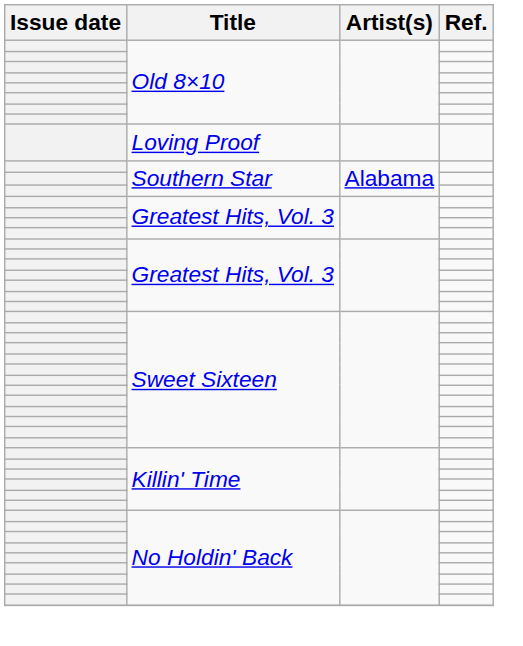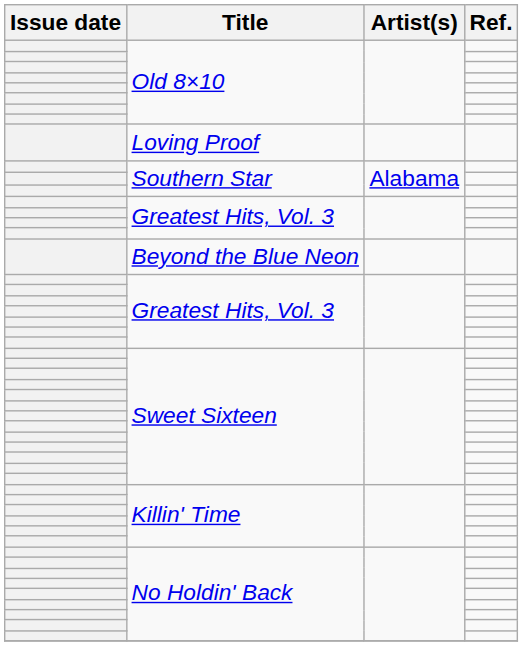 <table class="wikitable sortable plainrowheaders">
 <tr>
 <th scope=col>Issue date</th>
 <th scope=col>Title</th>
 <th scope=col>Artist(s)</th>
 <th scope=col class=unsortable>Ref.</th>
 </tr>
 <tr>
 <th scope=row></th>
 <td rowspan="8"><em><a href='#'>Old 8×10</a></em></td>
 <td rowspan="8"></td>
 <td align=center></td>
 </tr>
 <tr>
 <th scope=row></th>
 <td align=center></td>
 </tr>
 <tr>
 <th scope=row></th>
 <td align=center></td>
 </tr>
 <tr>
 <th scope=row></th>
 <td align=center></td>
 </tr>
 <tr>
 <th scope=row></th>
 <td align=center></td>
 </tr>
 <tr>
 <th scope=row></th>
 <td align=center></td>
 </tr>
 <tr>
 <th scope=row></th>
 <td align=center></td>
 </tr>
 <tr>
 <th scope=row></th>
 <td align=center></td>
 </tr>
 <tr>
 <th scope=row></th>
 <td><em><a href='#'>Loving Proof</a></em></td>
 <td></td>
 <td align=center></td>
 </tr>
 <tr>
 <th scope=row></th>
 <td rowspan="3"><em><a href='#'>Southern Star</a></em></td>
 <td rowspan="3"><a href='#'>Alabama</a></td>
 <td align=center></td>
 </tr>
 <tr>
 <th scope=row></th>
 <td align=center></td>
 </tr>
 <tr>
 <th scope=row></th>
 <td align=center></td>
 </tr>
 <tr>
 <th scope=row></th>
 <td rowspan="4"><em><a href='#'>Greatest Hits, Vol. 3</a></em></td>
 <td rowspan="4"></td>
 <td align=center></td>
 </tr>
 <tr>
 <th scope=row></th>
 <td align=center></td>
 </tr>
 <tr>
 <th scope=row></th>
 <td align=center></td>
 </tr>
 <tr>
 <th scope=row></th>
+<td align=center></td>
+</tr>
+<tr>
+<th scope=row></th>
+<td><em><a href='#'>Beyond the Blue Neon</a></em></td>
+<td></td>
 <td align=center></td>
 </tr>
 <tr>
 <th scope=row></th>
 <td rowspan="7"><em><a href='#'>Greatest Hits, Vol. 3</a></em></td>
 <td rowspan="7"></td>
 <td align=center></td>
 </tr>
 <tr>
 <th scope=row></th>
 <td align=center></td>
 </tr>
 <tr>
 <th scope=row></th>
 <td align=center></td>
 </tr>
 <tr>
 <th scope=row></th>
 <td align=center></td>
 </tr>
 <tr>
 <th scope=row></th>
 <td align=center></td>
 </tr>
 <tr>
 <th scope=row></th>
 <td align=center></td>
 </tr>
 <tr>
 <th scope=row></th>
 <td align=center></td>
 </tr>
 <tr>
 <th scope=row></th>
 <td rowspan="13"><em><a href='#'>Sweet Sixteen</a></em></td>
 <td rowspan="13"></td>
 <td align=center></td>
 </tr>
 <tr>
 <th scope=row></th>
 <td align=center></td>
 </tr>
 <tr>
 <th scope=row></th>
 <td align=center></td>
 </tr>
 <tr>
 <th scope=row></th>
 <td align=center></td>
 </tr>
 <tr>
 <th scope=row></th>
 <td align=center></td>
 </tr>
 <tr>
 <th scope=row></th>
 <td align=center></td>
 </tr>
 <tr>
 <th scope=row></th>
 <td align=center></td>
 </tr>
 <tr>
 <th scope=row></th>
 <td align=center></td>
 </tr>
 <tr>
 <th scope=row></th>
 <td align=center></td>
 </tr>
 <tr>
 <th scope=row></th>
 <td align=center></td>
 </tr>
 <tr>
 <th scope=row></th>
 <td align=center></td>
 </tr>
 <tr>
 <th scope=row></th>
 <td align=center></td>
 </tr>
 <tr>
 <th scope=row></th>
 <td align=center></td>
 </tr>
 <tr>
 <th scope=row></th>
 <td rowspan="6"><em><a href='#'>Killin' Time</a></em></td>
 <td rowspan="6"></td>
 <td align=center></td>
 </tr>
 <tr>
 <th scope=row></th>
 <td align=center></td>
 </tr>
 <tr>
 <th scope=row></th>
 <td align=center></td>
 </tr>
 <tr>
 <th scope=row></th>
 <td align=center></td>
 </tr>
 <tr>
 <th scope=row></th>
 <td align=center></td>
 </tr>
 <tr>
 <th scope=row></th>
 <td align=center></td>
 </tr>
 <tr>
 <th scope=row></th>
 <td rowspan="9"><em><a href='#'>No Holdin' Back</a></em></td>
 <td rowspan="9"></td>
 <td align=center></td>
 </tr>
 <tr>
 <th scope=row></th>
 <td align=center></td>
 </tr>
 <tr>
 <th scope=row></th>
 <td align=center></td>
 </tr>
 <tr>
 <th scope=row></th>
 <td align=center></td>
 </tr>
 <tr>
 <th scope=row></th>
 <td align=center></td>
 </tr>
 <tr>
 <th scope=row></th>
 <td align=center></td>
 </tr>
 <tr>
 <th scope=row></th>
 <td align=center></td>
 </tr>
 <tr>
 <th scope=row></th>
 <td align=center></td>
 </tr>
 <tr>
 <th scope=row></th>
 <td align=center></td>
 </tr>
 <tr>
 </tr>
 </table>
